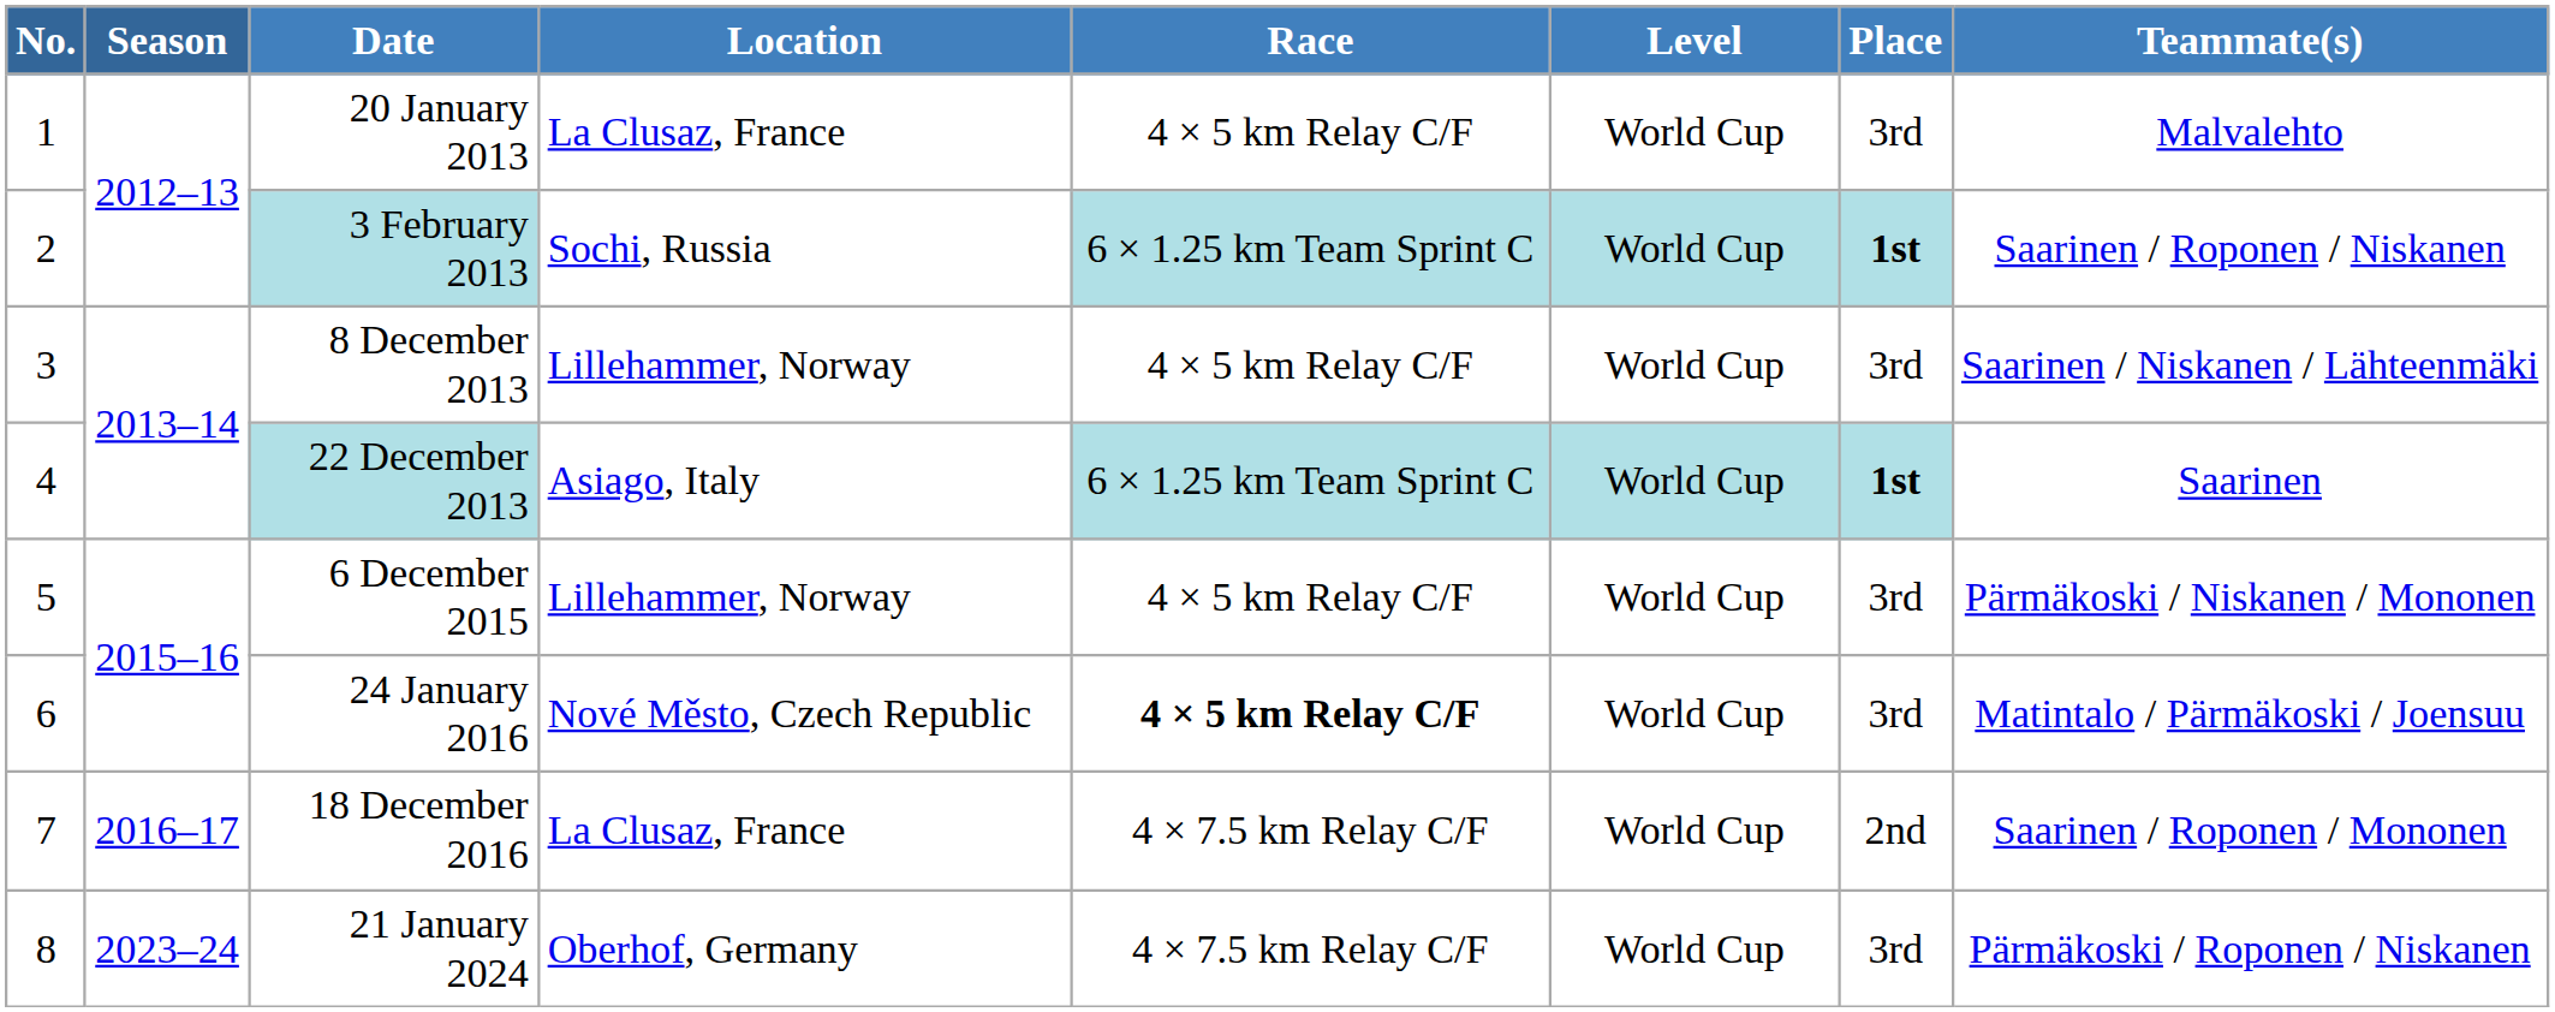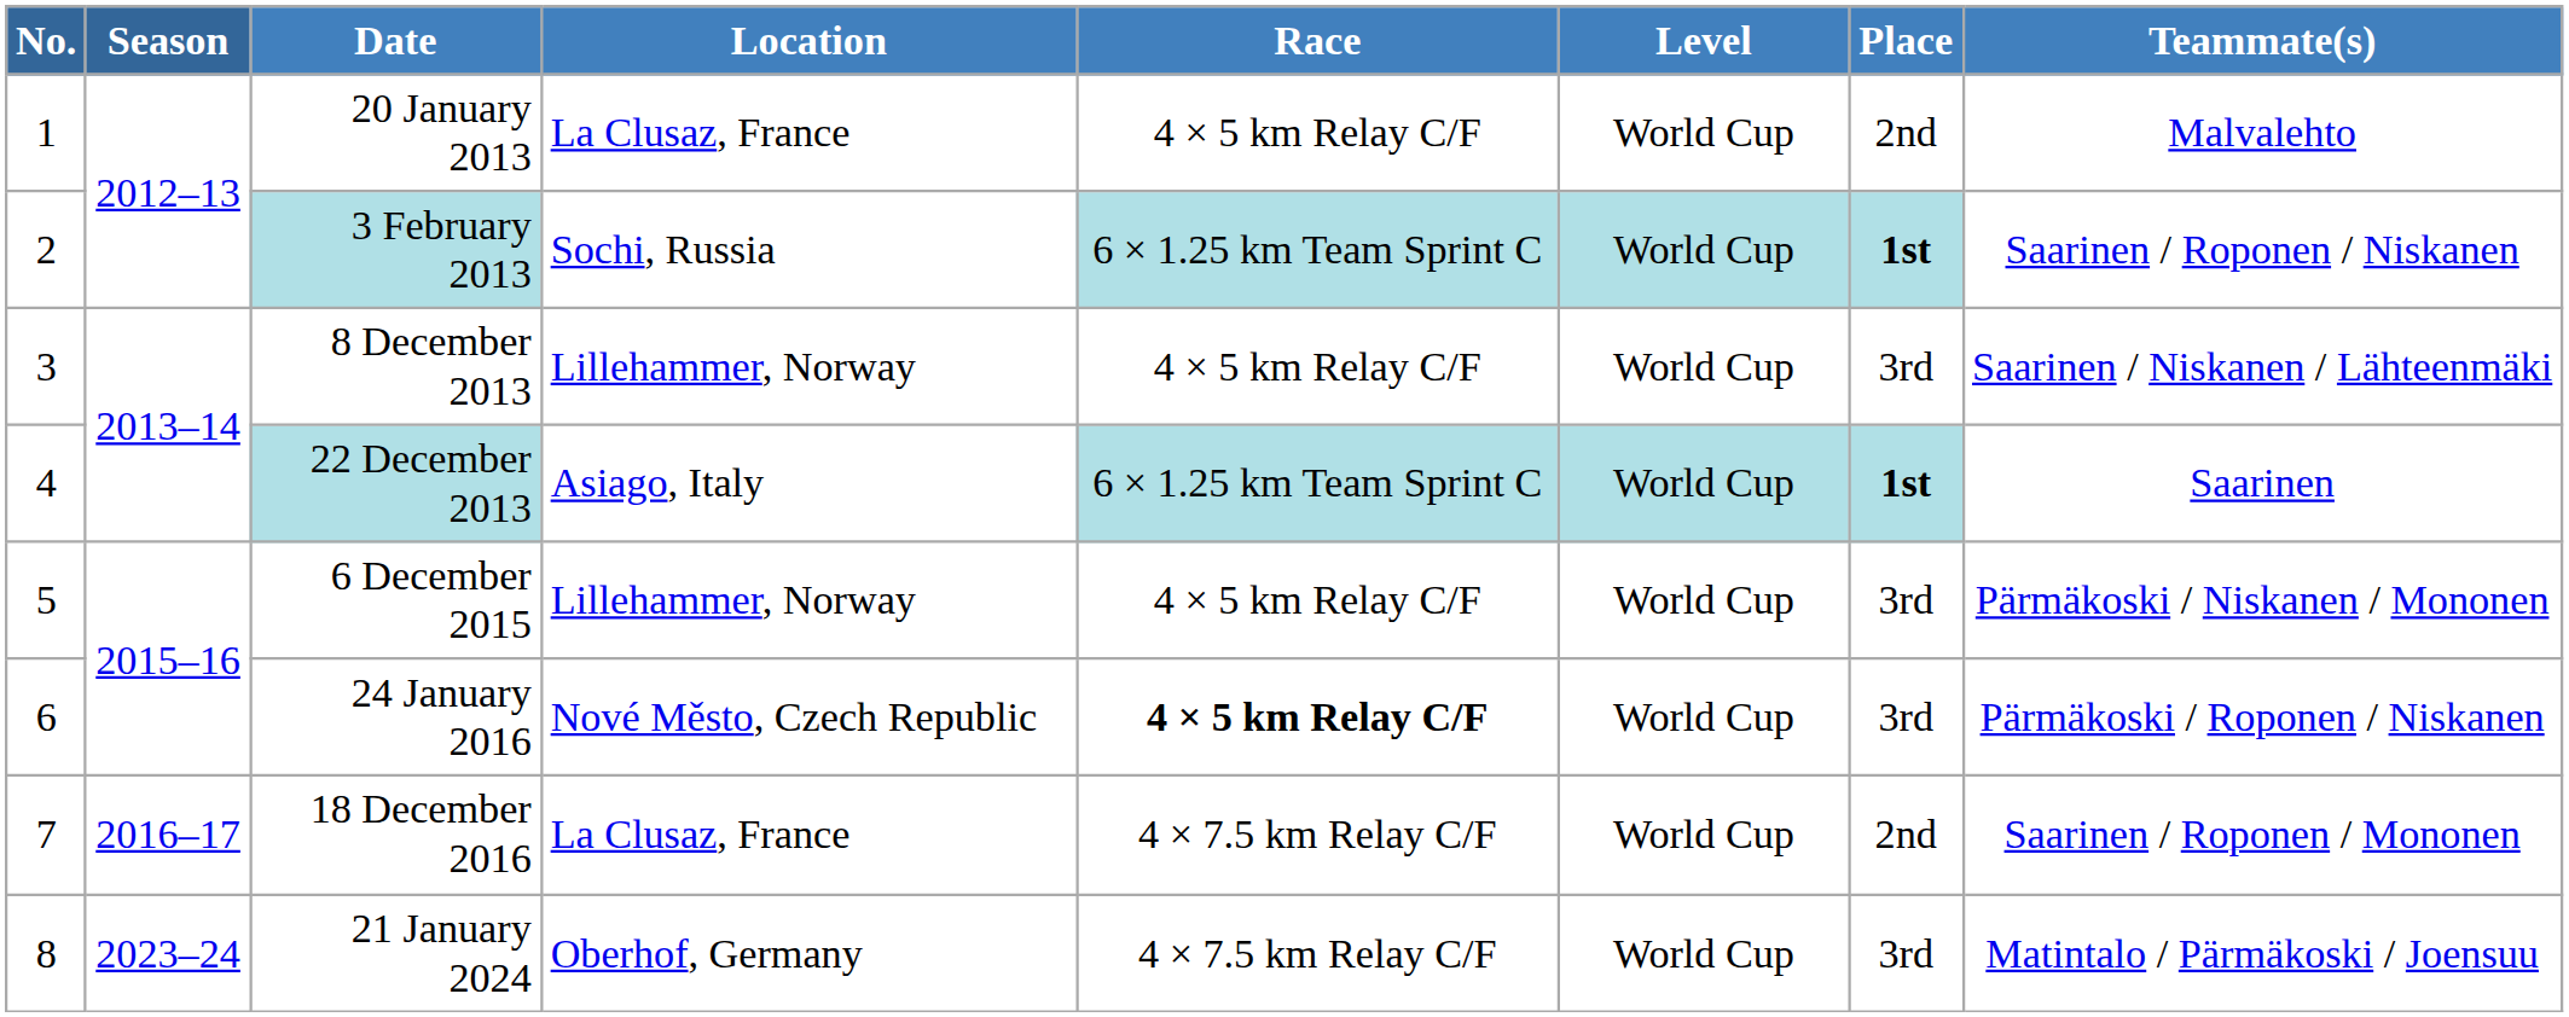 <table class="wikitable sortable" style="font-size:95%; text-align:center; border:grey solid 1px; border-collapse:collapse; background:#ffffff;">
 <tr style="background:#efefef;">
 <th style="background-color:#369; color:white;">No.</th>
 <th style="background-color:#369; color:white;">Season</th>
 <th style="background-color:#4180be; color:white; width:100px;">Date</th>
 <th style="background-color:#4180be; color:white; width:190px;">Location</th>
 <th style="background-color:#4180be; color:white; width:170px;">Race</th>
 <th style="background-color:#4180be; color:white; width:100px;">Level</th>
 <th style="background-color:#4180be; color:white;">Place</th>
 <th style="background-color:#4180be; color:white;">Teammate(s)</th>
 </tr>
 <tr>
 <td align=center>1</td>
 <td rowspan=2 align=center><a href='#'>2012–13</a></td>
 <td align=right>20 January 2013</td>
 <td align=left> <a href='#'>La Clusaz</a>, France</td>
 <td>4 × 5 km Relay C/F</td>
 <td>World Cup</td>
-<td>3rd</td>
+<td>2nd</td>
 <td><a href='#'>Malvalehto</a></td>
 </tr>
 <tr>
 <td align=center>2</td>
 <td bgcolor="#BOEOE6" align=right>3 February 2013</td>
 <td align=left> <a href='#'>Sochi</a>, Russia</td>
 <td bgcolor="#BOEOE6">6 × 1.25 km Team Sprint C</td>
 <td bgcolor="#BOEOE6">World Cup</td>
 <td bgcolor="#BOEOE6"><strong>1st</strong></td>
 <td><a href='#'>Saarinen</a> / <a href='#'>Roponen</a> / <a href='#'>Niskanen</a></td>
 </tr>
 <tr>
 <td align=center>3</td>
 <td rowspan=2 align=center><a href='#'>2013–14</a></td>
 <td align=right>8 December 2013</td>
 <td align=left> <a href='#'>Lillehammer</a>, Norway</td>
 <td>4 × 5 km Relay C/F</td>
 <td>World Cup</td>
 <td>3rd</td>
 <td><a href='#'>Saarinen</a> / <a href='#'>Niskanen</a> / <a href='#'>Lähteenmäki</a></td>
 </tr>
 <tr>
 <td align=center>4</td>
 <td bgcolor="#BOEOE6" align=right>22 December 2013</td>
 <td align=left> <a href='#'>Asiago</a>, Italy</td>
 <td bgcolor="#BOEOE6">6 × 1.25 km Team Sprint C</td>
 <td bgcolor="#BOEOE6">World Cup</td>
 <td bgcolor="#BOEOE6"><strong>1st</strong></td>
 <td><a href='#'>Saarinen</a></td>
 </tr>
 <tr>
 <td align=center>5</td>
 <td rowspan=2 align=center><a href='#'>2015–16</a></td>
 <td align=right>6 December 2015</td>
 <td align=left> <a href='#'>Lillehammer</a>, Norway</td>
 <td>4 × 5 km Relay C/F</td>
 <td>World Cup</td>
 <td>3rd</td>
 <td><a href='#'>Pärmäkoski</a> / <a href='#'>Niskanen</a> / <a href='#'>Mononen</a></td>
 </tr>
 <tr>
 <td align=center>6</td>
 <td align=right>24 January 2016</td>
 <td align=left> <a href='#'>Nové Město</a>, Czech Republic</td>
 <td><strong>4 × 5 km Relay C/F</strong></td>
 <td>World Cup</td>
 <td>3rd</td>
-<td><a href='#'>Matintalo</a> / <a href='#'>Pärmäkoski</a> / <a href='#'>Joensuu</a></td>
+<td><a href='#'>Pärmäkoski</a> / <a href='#'>Roponen</a> / <a href='#'>Niskanen</a></td>
 </tr>
 <tr>
 <td align=center>7</td>
 <td rowspan=1 align=center><a href='#'>2016–17</a></td>
 <td align=right>18 December 2016</td>
 <td align=left> <a href='#'>La Clusaz</a>, France</td>
 <td>4 × 7.5 km Relay C/F</td>
 <td>World Cup</td>
 <td>2nd</td>
 <td><a href='#'>Saarinen</a> / <a href='#'>Roponen</a> / <a href='#'>Mononen</a></td>
 </tr>
 <tr>
 <td align=center>8</td>
 <td rowspan=1 align=center><a href='#'>2023–24</a></td>
 <td align=right>21 January 2024</td>
 <td align=left> <a href='#'>Oberhof</a>, Germany</td>
 <td>4 × 7.5 km Relay C/F</td>
 <td>World Cup</td>
 <td>3rd</td>
-<td><a href='#'>Pärmäkoski</a> / <a href='#'>Roponen</a> / <a href='#'>Niskanen</a></td>
+<td><a href='#'>Matintalo</a> / <a href='#'>Pärmäkoski</a> / <a href='#'>Joensuu</a></td>
 </tr>
 </table>
